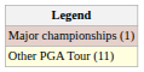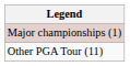 <table class="wikitable" style="font-size:95%;">
 <tr>
 <th>Legend</th>
 </tr>
 <tr style="background:#e5d1cb;">
 <td>Major championships  (1)</td>
 </tr>
 <tr>
-<td style="background: lightyellow;">Other PGA Tour (11)</td>
+<td>Other PGA Tour (11)</td>
 </tr>
 </table>
